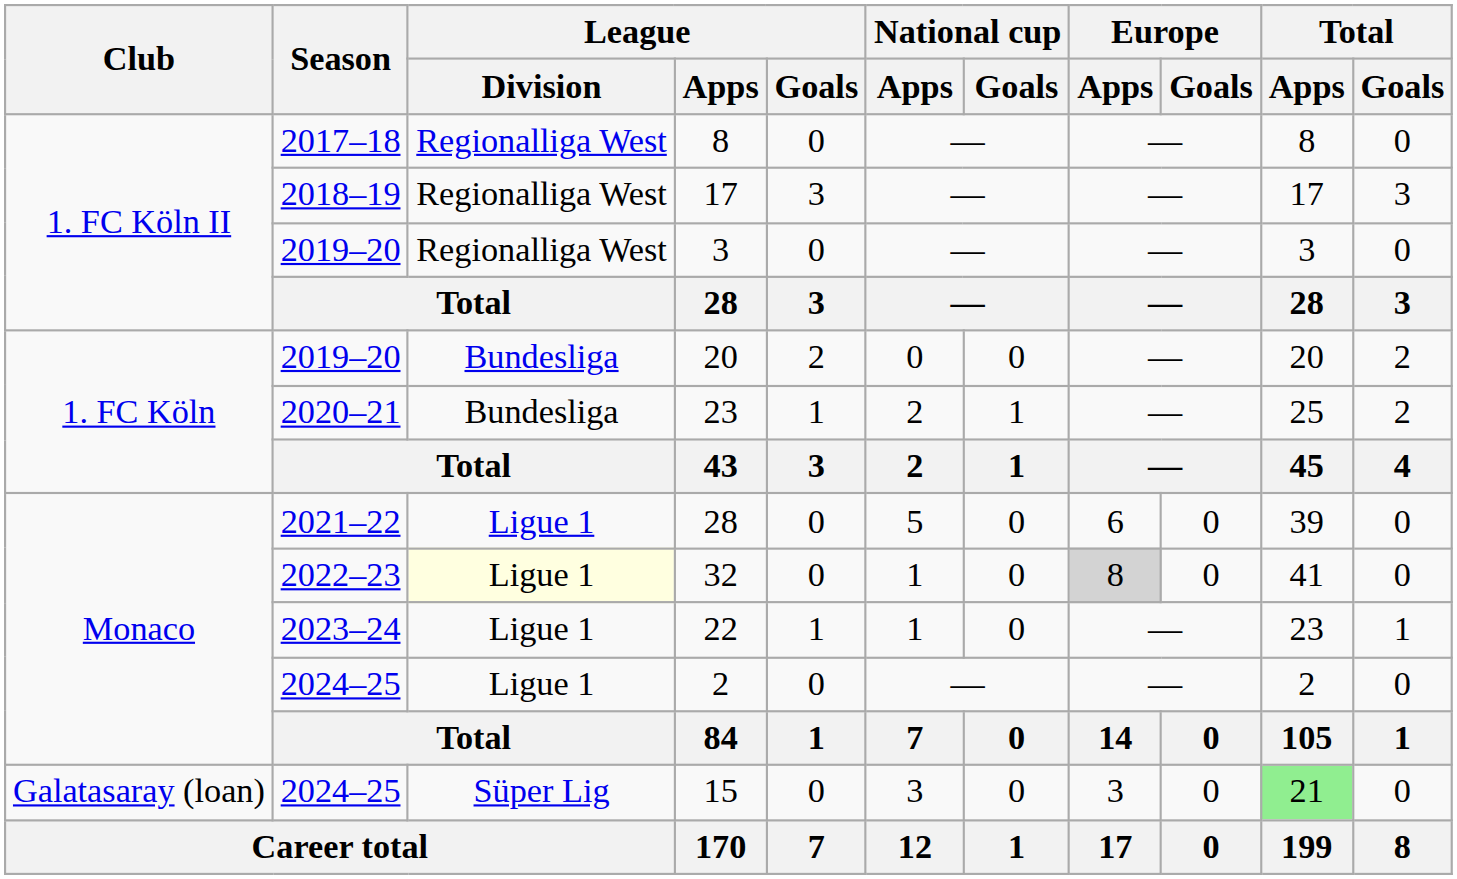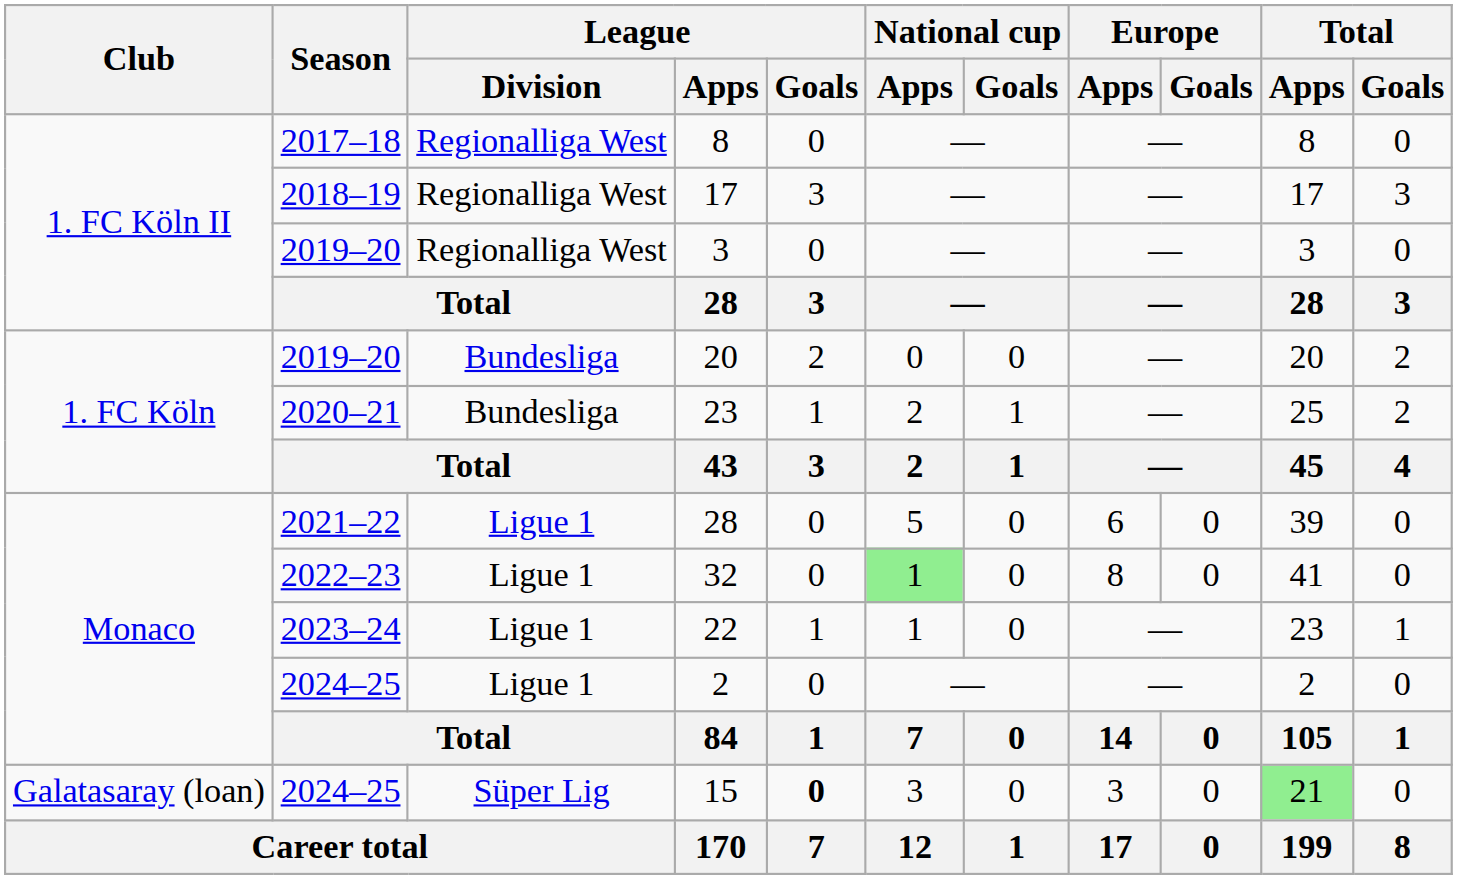 <table class="wikitable" style="text-align:center">
 <tr>
 <th rowspan="2">Club</th>
 <th rowspan="2">Season</th>
 <th colspan="3">League</th>
 <th colspan="2">National cup</th>
 <th colspan="2">Europe</th>
 <th colspan="2">Total</th>
 </tr>
 <tr>
 <th>Division</th>
 <th>Apps</th>
 <th>Goals</th>
 <th>Apps</th>
 <th>Goals</th>
 <th>Apps</th>
 <th>Goals</th>
 <th>Apps</th>
 <th>Goals</th>
 </tr>
 <tr>
 <td rowspan="4"><a href='#'>1. FC Köln II</a></td>
 <td><a href='#'>2017–18</a></td>
 <td><a href='#'>Regionalliga West</a></td>
 <td>8</td>
 <td>0</td>
 <td colspan="2">—</td>
 <td colspan="2">—</td>
 <td>8</td>
 <td>0</td>
 </tr>
 <tr>
 <td><a href='#'>2018–19</a></td>
 <td>Regionalliga West</td>
 <td>17</td>
 <td>3</td>
 <td colspan="2">—</td>
 <td colspan="2">—</td>
 <td>17</td>
 <td>3</td>
 </tr>
 <tr>
 <td><a href='#'>2019–20</a></td>
 <td>Regionalliga West</td>
 <td>3</td>
 <td>0</td>
 <td colspan="2">—</td>
 <td colspan="2">—</td>
 <td>3</td>
 <td>0</td>
 </tr>
 <tr>
 <th colspan="2">Total</th>
 <th>28</th>
 <th>3</th>
 <th colspan="2">—</th>
 <th colspan="2">—</th>
 <th>28</th>
 <th>3</th>
 </tr>
 <tr>
 <td rowspan="3"><a href='#'>1. FC Köln</a></td>
 <td><a href='#'>2019–20</a></td>
 <td><a href='#'>Bundesliga</a></td>
 <td>20</td>
 <td>2</td>
 <td>0</td>
 <td>0</td>
 <td colspan="2">—</td>
 <td>20</td>
 <td>2</td>
 </tr>
 <tr>
 <td><a href='#'>2020–21</a></td>
 <td>Bundesliga</td>
 <td>23</td>
 <td>1</td>
 <td>2</td>
 <td>1</td>
 <td colspan="2">—</td>
 <td>25</td>
 <td>2</td>
 </tr>
 <tr>
 <th colspan="2">Total</th>
 <th>43</th>
 <th>3</th>
 <th>2</th>
 <th>1</th>
 <th colspan="2">—</th>
 <th>45</th>
 <th>4</th>
 </tr>
 <tr>
 <td rowspan="5"><a href='#'>Monaco</a></td>
 <td><a href='#'>2021–22</a></td>
 <td><a href='#'>Ligue 1</a></td>
 <td>28</td>
 <td>0</td>
 <td>5</td>
 <td>0</td>
 <td>6</td>
 <td>0</td>
 <td>39</td>
 <td>0</td>
 </tr>
 <tr>
 <td><a href='#'>2022–23</a></td>
-<td style="background: lightyellow;">Ligue 1</td>
+<td>Ligue 1</td>
 <td>32</td>
 <td>0</td>
-<td>1</td>
+<td style="background: lightgreen;">1</td>
 <td>0</td>
-<td style="background: lightgrey;">8</td>
+<td>8</td>
 <td>0</td>
 <td>41</td>
 <td>0</td>
 </tr>
 <tr>
 <td><a href='#'>2023–24</a></td>
 <td>Ligue 1</td>
 <td>22</td>
 <td>1</td>
 <td>1</td>
 <td>0</td>
 <td colspan="2">—</td>
 <td>23</td>
 <td>1</td>
 </tr>
 <tr>
 <td><a href='#'>2024–25</a></td>
 <td>Ligue 1</td>
 <td>2</td>
 <td>0</td>
 <td colspan="2">—</td>
 <td colspan="2">—</td>
 <td>2</td>
 <td>0</td>
 </tr>
 <tr>
 <th colspan="2">Total</th>
 <th>84</th>
 <th>1</th>
 <th>7</th>
 <th>0</th>
 <th>14</th>
 <th>0</th>
 <th>105</th>
 <th>1</th>
 </tr>
 <tr>
 <td><a href='#'>Galatasaray</a> (loan)</td>
 <td><a href='#'>2024–25</a></td>
 <td><a href='#'>Süper Lig</a></td>
 <td>15</td>
-<td>0</td>
+<td><strong>0</strong></td>
 <td>3</td>
 <td>0</td>
 <td>3</td>
 <td>0</td>
 <td style="background: lightgreen;">21</td>
 <td>0</td>
 </tr>
 <tr>
 <th colspan="3">Career total</th>
 <th>170</th>
 <th>7</th>
 <th>12</th>
 <th>1</th>
 <th>17</th>
 <th>0</th>
 <th>199</th>
 <th>8</th>
 </tr>
 </table>
